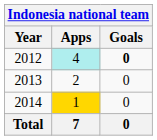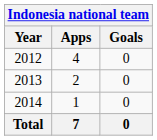 <table class="wikitable" style="text-align:center">
 <tr>
 <th colspan=4><a href='#'>Indonesia national team</a></th>
 </tr>
 <tr>
 <th>Year</th>
 <th>Apps</th>
 <th>Goals</th>
 </tr>
 <tr>
 <td>2012</td>
-<td style="background: paleturquoise;">4</td>
-<td><strong>0</strong></td>
+<td>4</td>
+<td>0</td>
 </tr>
 <tr>
 <td>2013</td>
 <td>2</td>
 <td>0</td>
 </tr>
 <tr>
 <td>2014</td>
-<td style="background: gold;">1</td>
+<td>1</td>
 <td>0</td>
 </tr>
 <tr>
 <th>Total</th>
 <th>7</th>
 <th>0</th>
 </tr>
 </table>
